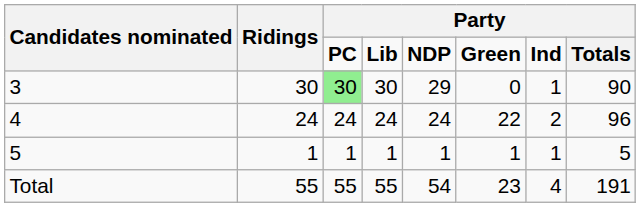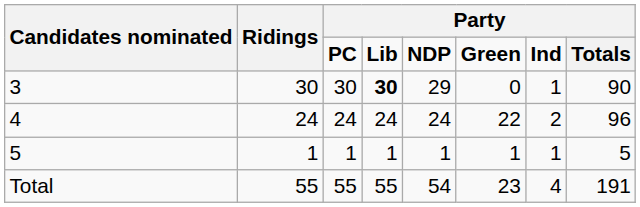 <table class="wikitable" style="text-align:right;">
 <tr>
 <th rowspan="2">Candidates nominated</th>
 <th rowspan="2">Ridings</th>
 <th colspan="6">Party</th>
 </tr>
 <tr>
 <td><strong>PC</strong></td>
 <td><strong>Lib</strong></td>
 <td><strong>NDP</strong></td>
 <td><strong>Green</strong></td>
 <td><strong>Ind</strong></td>
 <th>Totals</th>
 </tr>
 <tr>
 <td style="text-align:left;">3</td>
 <td>30</td>
-<td style="background: lightgreen;">30</td>
 <td>30</td>
+<td><strong>30</strong></td>
 <td>29</td>
 <td>0</td>
 <td>1</td>
 <td>90</td>
 </tr>
 <tr>
 <td style="text-align:left;">4</td>
 <td>24</td>
 <td>24</td>
 <td>24</td>
 <td>24</td>
 <td>22</td>
 <td>2</td>
 <td>96</td>
 </tr>
 <tr>
 <td style="text-align:left;">5</td>
 <td>1</td>
 <td>1</td>
 <td>1</td>
 <td>1</td>
 <td>1</td>
 <td>1</td>
 <td>5</td>
 </tr>
 <tr>
 <td style="text-align:left;">Total</td>
 <td>55</td>
 <td>55</td>
 <td>55</td>
 <td>54</td>
 <td>23</td>
 <td>4</td>
 <td>191</td>
 </tr>
 </table>
